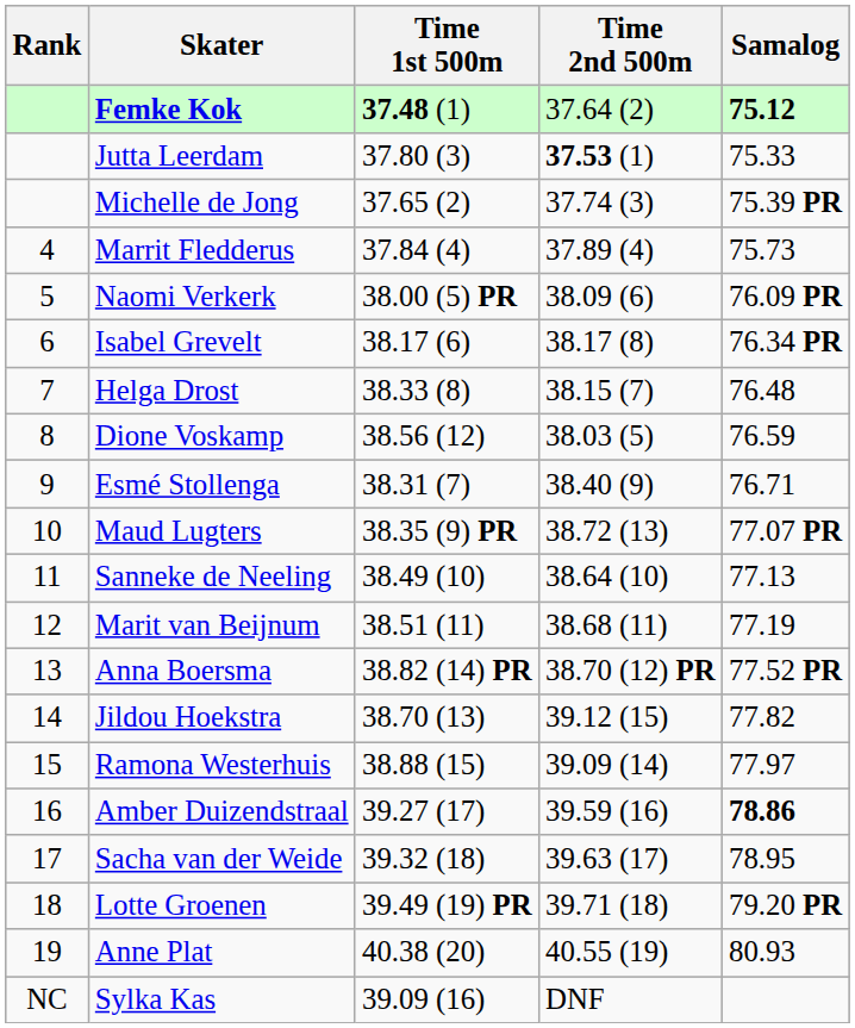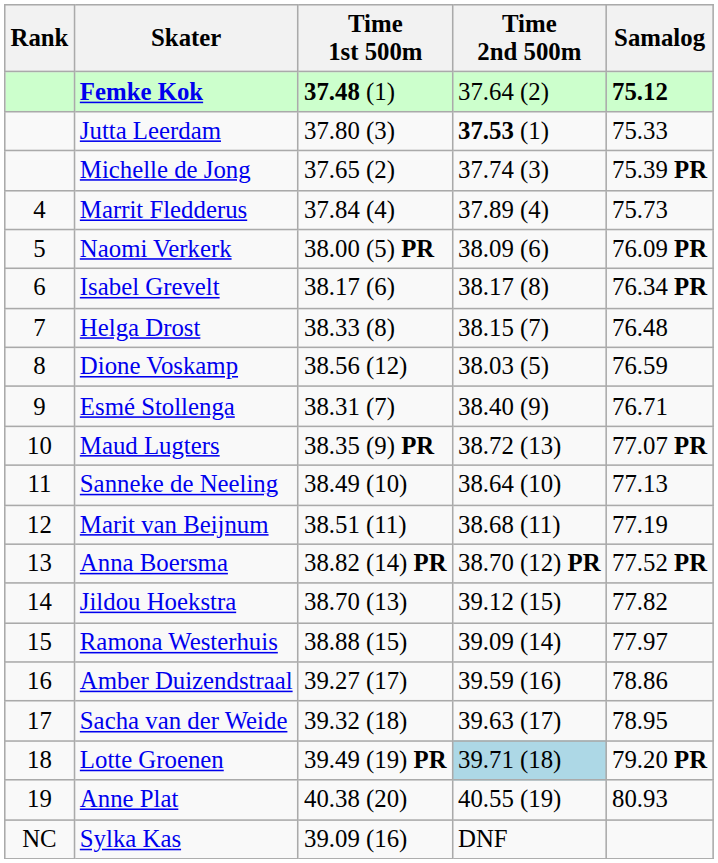 <table class="wikitable sortable" style="text-align:left">
 <tr>
 <th>Rank</th>
 <th>Skater</th>
 <th>Time <br> 1st 500m</th>
 <th>Time <br> 2nd 500m</th>
 <th>Samalog</th>
 </tr>
 <tr bgcolor=ccffcc>
 <td align="center"></td>
 <td><strong><a href='#'>Femke Kok</a></strong></td>
 <td><strong>37.48</strong> (1)</td>
 <td>37.64 (2)</td>
 <td><strong>75.12</strong></td>
 </tr>
 <tr>
 <td align="center"></td>
 <td><a href='#'>Jutta Leerdam</a></td>
 <td>37.80 (3)</td>
 <td><strong>37.53</strong> (1)</td>
 <td>75.33</td>
 </tr>
 <tr>
 <td align="center"></td>
 <td><a href='#'>Michelle de Jong</a></td>
 <td>37.65 (2)</td>
 <td>37.74 (3)</td>
 <td>75.39 <strong>PR</strong></td>
 </tr>
 <tr>
 <td align="center">4</td>
 <td><a href='#'>Marrit Fledderus</a></td>
 <td>37.84 (4)</td>
 <td>37.89 (4)</td>
 <td>75.73</td>
 </tr>
 <tr>
 <td align="center">5</td>
 <td><a href='#'>Naomi Verkerk</a></td>
 <td>38.00 (5) <strong>PR</strong></td>
 <td>38.09 (6)</td>
 <td>76.09 <strong>PR</strong></td>
 </tr>
 <tr>
 <td align="center">6</td>
 <td><a href='#'>Isabel Grevelt</a></td>
 <td>38.17 (6)</td>
 <td>38.17 (8)</td>
 <td>76.34 <strong>PR</strong></td>
 </tr>
 <tr>
 <td align="center">7</td>
 <td><a href='#'>Helga Drost</a></td>
 <td>38.33 (8)</td>
 <td>38.15 (7)</td>
 <td>76.48</td>
 </tr>
 <tr>
 <td align="center">8</td>
 <td><a href='#'>Dione Voskamp</a></td>
 <td>38.56 (12)</td>
 <td>38.03 (5)</td>
 <td>76.59</td>
 </tr>
 <tr>
 <td align="center">9</td>
 <td><a href='#'>Esmé Stollenga</a></td>
 <td>38.31 (7)</td>
 <td>38.40 (9)</td>
 <td>76.71</td>
 </tr>
 <tr>
 <td align="center">10</td>
 <td><a href='#'>Maud Lugters</a></td>
 <td>38.35 (9) <strong>PR</strong></td>
 <td>38.72 (13)</td>
 <td>77.07 <strong>PR</strong></td>
 </tr>
 <tr>
 <td align="center">11</td>
 <td><a href='#'>Sanneke de Neeling</a></td>
 <td>38.49 (10)</td>
 <td>38.64 (10)</td>
 <td>77.13</td>
 </tr>
 <tr>
 <td align="center">12</td>
 <td><a href='#'>Marit van Beijnum</a></td>
 <td>38.51 (11)</td>
 <td>38.68 (11)</td>
 <td>77.19</td>
 </tr>
 <tr>
 <td align="center">13</td>
 <td><a href='#'>Anna Boersma</a></td>
 <td>38.82 (14) <strong>PR</strong></td>
 <td>38.70 (12) <strong>PR</strong></td>
 <td>77.52 <strong>PR</strong></td>
 </tr>
 <tr>
 <td align="center">14</td>
 <td><a href='#'>Jildou Hoekstra</a></td>
 <td>38.70 (13)</td>
 <td>39.12 (15)</td>
 <td>77.82</td>
 </tr>
 <tr>
 <td align="center">15</td>
 <td><a href='#'>Ramona Westerhuis</a></td>
 <td>38.88 (15)</td>
 <td>39.09 (14)</td>
 <td>77.97</td>
 </tr>
 <tr>
 <td align="center">16</td>
 <td><a href='#'>Amber Duizendstraal</a></td>
 <td>39.27 (17)</td>
 <td>39.59 (16)</td>
-<td><strong>78.86</strong></td>
+<td>78.86</td>
 </tr>
 <tr>
 <td align="center">17</td>
 <td><a href='#'>Sacha van der Weide</a></td>
 <td>39.32 (18)</td>
 <td>39.63 (17)</td>
 <td>78.95</td>
 </tr>
 <tr>
 <td align="center">18</td>
 <td><a href='#'>Lotte Groenen</a></td>
 <td>39.49 (19) <strong>PR</strong></td>
-<td>39.71 (18)</td>
+<td style="background: lightblue;">39.71 (18)</td>
 <td>79.20 <strong>PR</strong></td>
 </tr>
 <tr>
 <td align="center">19</td>
 <td><a href='#'>Anne Plat</a></td>
 <td>40.38 (20)</td>
 <td>40.55 (19)</td>
 <td>80.93</td>
 </tr>
 <tr>
 <td align="center">NC</td>
 <td><a href='#'>Sylka Kas</a></td>
 <td>39.09 (16)</td>
 <td>DNF</td>
 </tr>
 </table>
